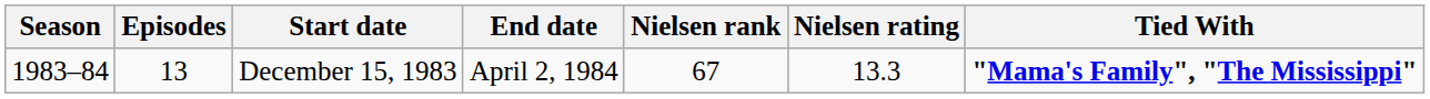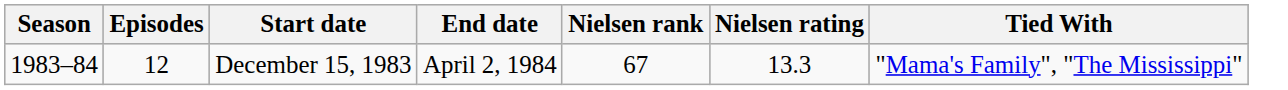 <table class="wikitable" style="text-align: center">
 <tr>
 <th>Season</th>
 <th>Episodes</th>
 <th>Start date</th>
 <th>End date</th>
 <th>Nielsen rank</th>
 <th>Nielsen rating</th>
 <th>Tied With</th>
 </tr>
 <tr>
 <td style="text-align:center">1983–84</td>
-<td style="text-align:center">13</td>
+<td style="text-align:center">12</td>
 <td style="text-align:center">December 15, 1983</td>
 <td style="text-align:center">April 2, 1984</td>
 <td style="text-align:center:">67</td>
 <td style="text-align:center">13.3</td>
-<td style="text-align:center"><strong>"<a href='#'>Mama's Family</a>", "<a href='#'>The Mississippi</a>"</strong></td>
+<td style="text-align:center">"<a href='#'>Mama's Family</a>", "<a href='#'>The Mississippi</a>"</td>
 </tr>
 </table>
